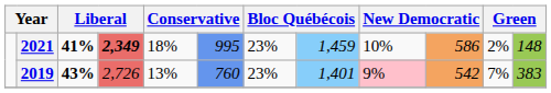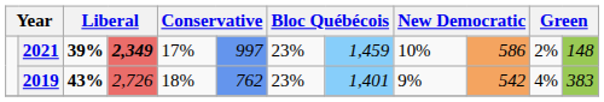 <table class="wikitable" style="float:right; width:400; font-size:90%; margin-left:1em;">
 <tr>
 <th colspan="2" scope="col">Year</th>
 <th colspan="2" scope="col"><a href='#'>Liberal</a></th>
 <th colspan="2" scope="col"><a href='#'>Conservative</a></th>
 <th colspan="2" scope="col"><a href='#'>Bloc Québécois</a></th>
 <th colspan="2" scope="col"><a href='#'>New Democratic</a></th>
 <th colspan="2" scope="col"><a href='#'>Green</a></th>
 </tr>
 <tr>
 <td rowspan="2" style="width: 0.25em; background-color: "></td>
 <th><a href='#'>2021</a></th>
-<td><strong>41%</strong></td>
+<td><strong>39%</strong></td>
 <td style="text-align:right; background:#EA6D6A;"><strong><em>2,349</em></strong></td>
-<td>18%</td>
-<td style="text-align:right; background:#6495ED;"><em>995</em></td>
+<td>17%</td>
+<td style="text-align:right; background:#6495ED;"><em>997</em></td>
 <td>23%</td>
 <td style="text-align:right; background:#87CEFA;"><em>1,459</em></td>
 <td>10%</td>
 <td style="text-align:right; background:#F4A460;"><em>586</em></td>
 <td>2%</td>
 <td style="text-align:right; background:#99C955;"><em>148</em></td>
 </tr>
 <tr>
 <th><a href='#'>2019</a></th>
 <td><strong>43%</strong></td>
 <td style="text-align:right; background:#EA6D6A;"><em>2,726</em></td>
-<td>13%</td>
-<td style="text-align:right; background:#6495ED;"><em>760</em></td>
+<td>18%</td>
+<td style="text-align:right; background:#6495ED;"><em>762</em></td>
 <td>23%</td>
 <td style="text-align:right; background:#87CEFA;"><em>1,401</em></td>
-<td style="background: pink;">9%</td>
+<td>9%</td>
 <td style="text-align:right; background:#F4A460;"><em>542</em></td>
-<td>7%</td>
+<td>4%</td>
 <td style="text-align:right; background:#99C955;"><em>383</em></td>
 </tr>
 <tr>
 </tr>
 </table>
